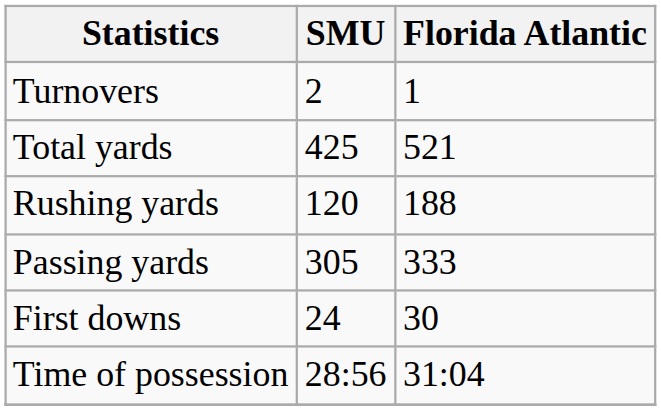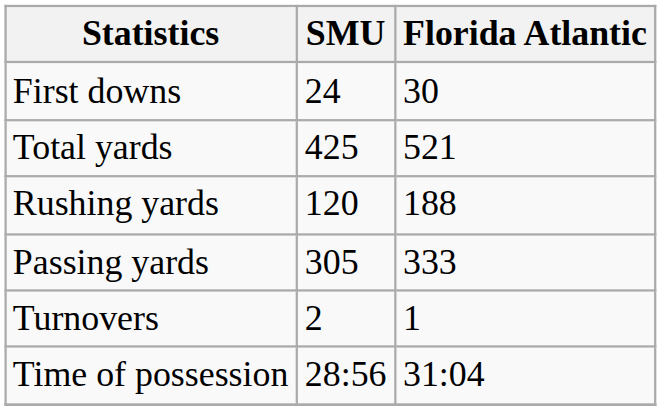 <table class="wikitable" style="float: right;">
 <tr>
 <th>Statistics</th>
 <th>SMU</th>
 <th>Florida Atlantic</th>
 </tr>
 <tr>
-<td>Turnovers</td>
-<td>2</td>
-<td>1</td>
+<td>First downs</td>
+<td>24</td>
+<td>30</td>
 </tr>
 <tr>
 <td>Total yards</td>
 <td>425</td>
 <td>521</td>
 </tr>
 <tr>
 <td>Rushing yards</td>
 <td>120</td>
 <td>188</td>
 </tr>
 <tr>
 <td>Passing yards</td>
 <td>305</td>
 <td>333</td>
 </tr>
 <tr>
-<td>First downs</td>
-<td>24</td>
-<td>30</td>
+<td>Turnovers</td>
+<td>2</td>
+<td>1</td>
 </tr>
 <tr>
 <td>Time of possession</td>
 <td>28:56</td>
 <td>31:04</td>
 </tr>
 <tr>
 </tr>
 </table>
